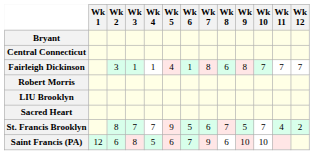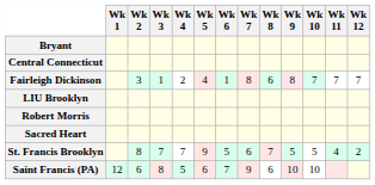 <table class="wikitable" style="white-space:nowrap;font-size:90%;">
 <tr>
 <th style="background:white; border-top-style:hidden; border-left-style:hidden;"> </th>
 <th>Wk<br>1</th>
 <th>Wk<br>2</th>
 <th>Wk<br>3</th>
 <th>Wk<br>4</th>
 <th>Wk<br>5</th>
 <th>Wk<br>6</th>
 <th>Wk<br>7</th>
 <th>Wk<br>8</th>
 <th>Wk<br>9</th>
 <th>Wk<br>10</th>
 <th>Wk<br>11</th>
 <th>Wk<br>12</th>
 </tr>
 <tr style="text-align:center;">
 <th style="background:#">Bryant</th>
 <td style="background:#FFFFE6;"></td>
 <td style="background:#FFFFE6;"></td>
 <td style="background:#FFFFE6;"></td>
 <td style="background:#FFFFE6;"></td>
 <td style="background:#FFFFE6;"></td>
 <td style="background:#FFFFE6;"></td>
 <td style="background:#FFFFE6;"></td>
 <td style="background:#FFFFE6;"></td>
 <td style="background:#FFFFE6;"></td>
 <td style="background:#FFFFE6;"></td>
 <td style="background:#FFFFE6;"></td>
 <td style="background:#FFFFE6;"></td>
 </tr>
 <tr style="text-align:center;">
 <th style="background:#">Central Connecticut</th>
 <td style="background:#FFFFE6;"></td>
 <td style="background:#FFFFE6;"></td>
 <td style="background:#FFFFE6;"></td>
 <td style="background:#FFFFE6;"></td>
 <td style="background:#FFFFE6;"></td>
 <td style="background:#FFFFE6;"></td>
 <td style="background:#FFFFE6;"></td>
 <td style="background:#FFFFE6;"></td>
 <td style="background:#FFFFE6;"></td>
 <td style="background:#FFFFE6;"></td>
 <td style="background:#FFFFE6;"></td>
 <td style="background:#FFFFE6;"></td>
 </tr>
 <tr style="text-align:center;">
 <th style="background:#">Fairleigh Dickinson</th>
 <td style="background:#FFFFE6;"></td>
 <td style="background:#D8FFEB;">3</td>
 <td style="background:#D8FFEB;">1</td>
-<td style="background:#FFF;">1</td>
+<td style="background:#FFF;">2</td>
 <td style="background:#FFE6E6;">4</td>
 <td style="background:#D8FFEB;">1</td>
 <td style="background:#FFE6E6;">8</td>
 <td style="background:#D8FFEB;">6</td>
 <td style="background:#FFE6E6;">8</td>
 <td style="background:#D8FFEB;">7</td>
 <td style="background:#FFF;">7</td>
 <td style="background:#FFF;">7</td>
 </tr>
 <tr style="text-align:center;">
-<th style="background:#">Robert Morris</th>
+<th style="background:#">LIU Brooklyn</th>
 <td style="background:#FFFFE6;"></td>
 <td style="background:#FFFFE6;"></td>
 <td style="background:#FFFFE6;"></td>
 <td style="background:#FFFFE6;"></td>
 <td style="background:#FFFFE6;"></td>
 <td style="background:#FFFFE6;"></td>
 <td style="background:#FFFFE6;"></td>
 <td style="background:#FFFFE6;"></td>
 <td style="background:#FFFFE6;"></td>
 <td style="background:#FFFFE6;"></td>
 <td style="background:#FFFFE6;"></td>
 <td style="background:#FFFFE6;"></td>
 </tr>
 <tr style="text-align:center;">
-<th style="background:#">LIU Brooklyn</th>
+<th style="background:#">Robert Morris</th>
 <td style="background:#FFFFE6;"></td>
 <td style="background:#FFFFE6;"></td>
 <td style="background:#FFFFE6;"></td>
 <td style="background:#FFFFE6;"></td>
 <td style="background:#FFFFE6;"></td>
 <td style="background:#FFFFE6;"></td>
 <td style="background:#FFFFE6;"></td>
 <td style="background:#FFFFE6;"></td>
 <td style="background:#FFFFE6;"></td>
 <td style="background:#FFFFE6;"></td>
 <td style="background:#FFFFE6;"></td>
 <td style="background:#FFFFE6;"></td>
 </tr>
 <tr style="text-align:center;">
 <th style="background:#">Sacred Heart</th>
 <td style="background:#FFFFE6;"></td>
 <td style="background:#FFFFE6;"></td>
 <td style="background:#FFFFE6;"></td>
 <td style="background:#FFFFE6;"></td>
 <td style="background:#FFFFE6;"></td>
 <td style="background:#FFFFE6;"></td>
 <td style="background:#FFFFE6;"></td>
 <td style="background:#FFFFE6;"></td>
 <td style="background:#FFFFE6;"></td>
 <td style="background:#FFFFE6;"></td>
 <td style="background:#FFFFE6;"></td>
 <td style="background:#FFFFE6;"></td>
 </tr>
 <tr style="text-align:center;">
 <th style="background:#">St. Francis Brooklyn</th>
 <td style="background:#FFFFE6;"></td>
 <td style="background:#D8FFEB;">8</td>
 <td style="background:#D8FFEB;">7</td>
 <td style="background:#FFF;">7</td>
 <td style="background:#FFE6E6;">9</td>
 <td style="background:#D8FFEB;">5</td>
 <td style="background:#D8FFEB;">6</td>
 <td style="background:#FFE6E6;">7</td>
 <td style="background:#D8FFEB;">5</td>
-<td style="background:#FFF;">7</td>
+<td style="background:#FFF;">5</td>
 <td style="background:#D8FFEB;">4</td>
 <td style="background:#D8FFEB;">2</td>
 </tr>
 <tr style="text-align:center;">
 <th style="background:#">Saint Francis (PA)</th>
 <td style="background:#D8FFEB;">12</td>
 <td style="background:#D8FFEB;">6</td>
 <td style="background:#FFE6E6;">8</td>
 <td style="background:#D8FFEB;">5</td>
 <td style="background:#FFE6E6;">6</td>
 <td style="background:#D8FFEB;">7</td>
 <td style="background:#FFE6E6;">9</td>
 <td style="background:#FFF;">6</td>
 <td style="background:#FFE6E6;">10</td>
 <td style="background:#FFF;">10</td>
 <td style="background:#FFE6E6;"></td>
 <td style="background:#FFFFE6;"></td>
 </tr>
 </table>
